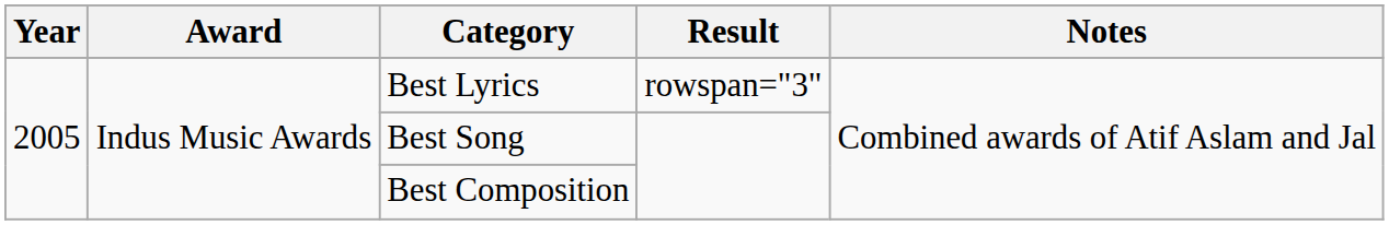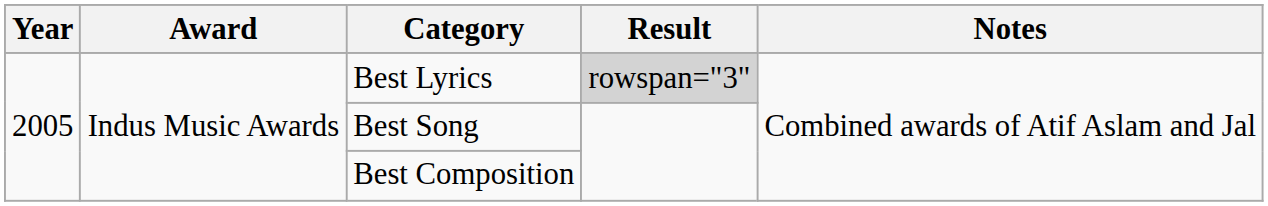 <table class="wikitable">
 <tr>
 <th>Year</th>
 <th>Award</th>
 <th>Category</th>
 <th>Result</th>
 <th>Notes</th>
 </tr>
 <tr>
 <td rowspan="3">2005</td>
 <td rowspan="3">Indus Music Awards</td>
 <td>Best Lyrics</td>
-<td>rowspan="3" </td>
+<td style="background: lightgrey;">rowspan="3" </td>
 <td rowspan="3">Combined awards of Atif Aslam and Jal</td>
 </tr>
 <tr>
 <td>Best Song</td>
 </tr>
 <tr>
 <td>Best Composition</td>
 </tr>
 </table>
